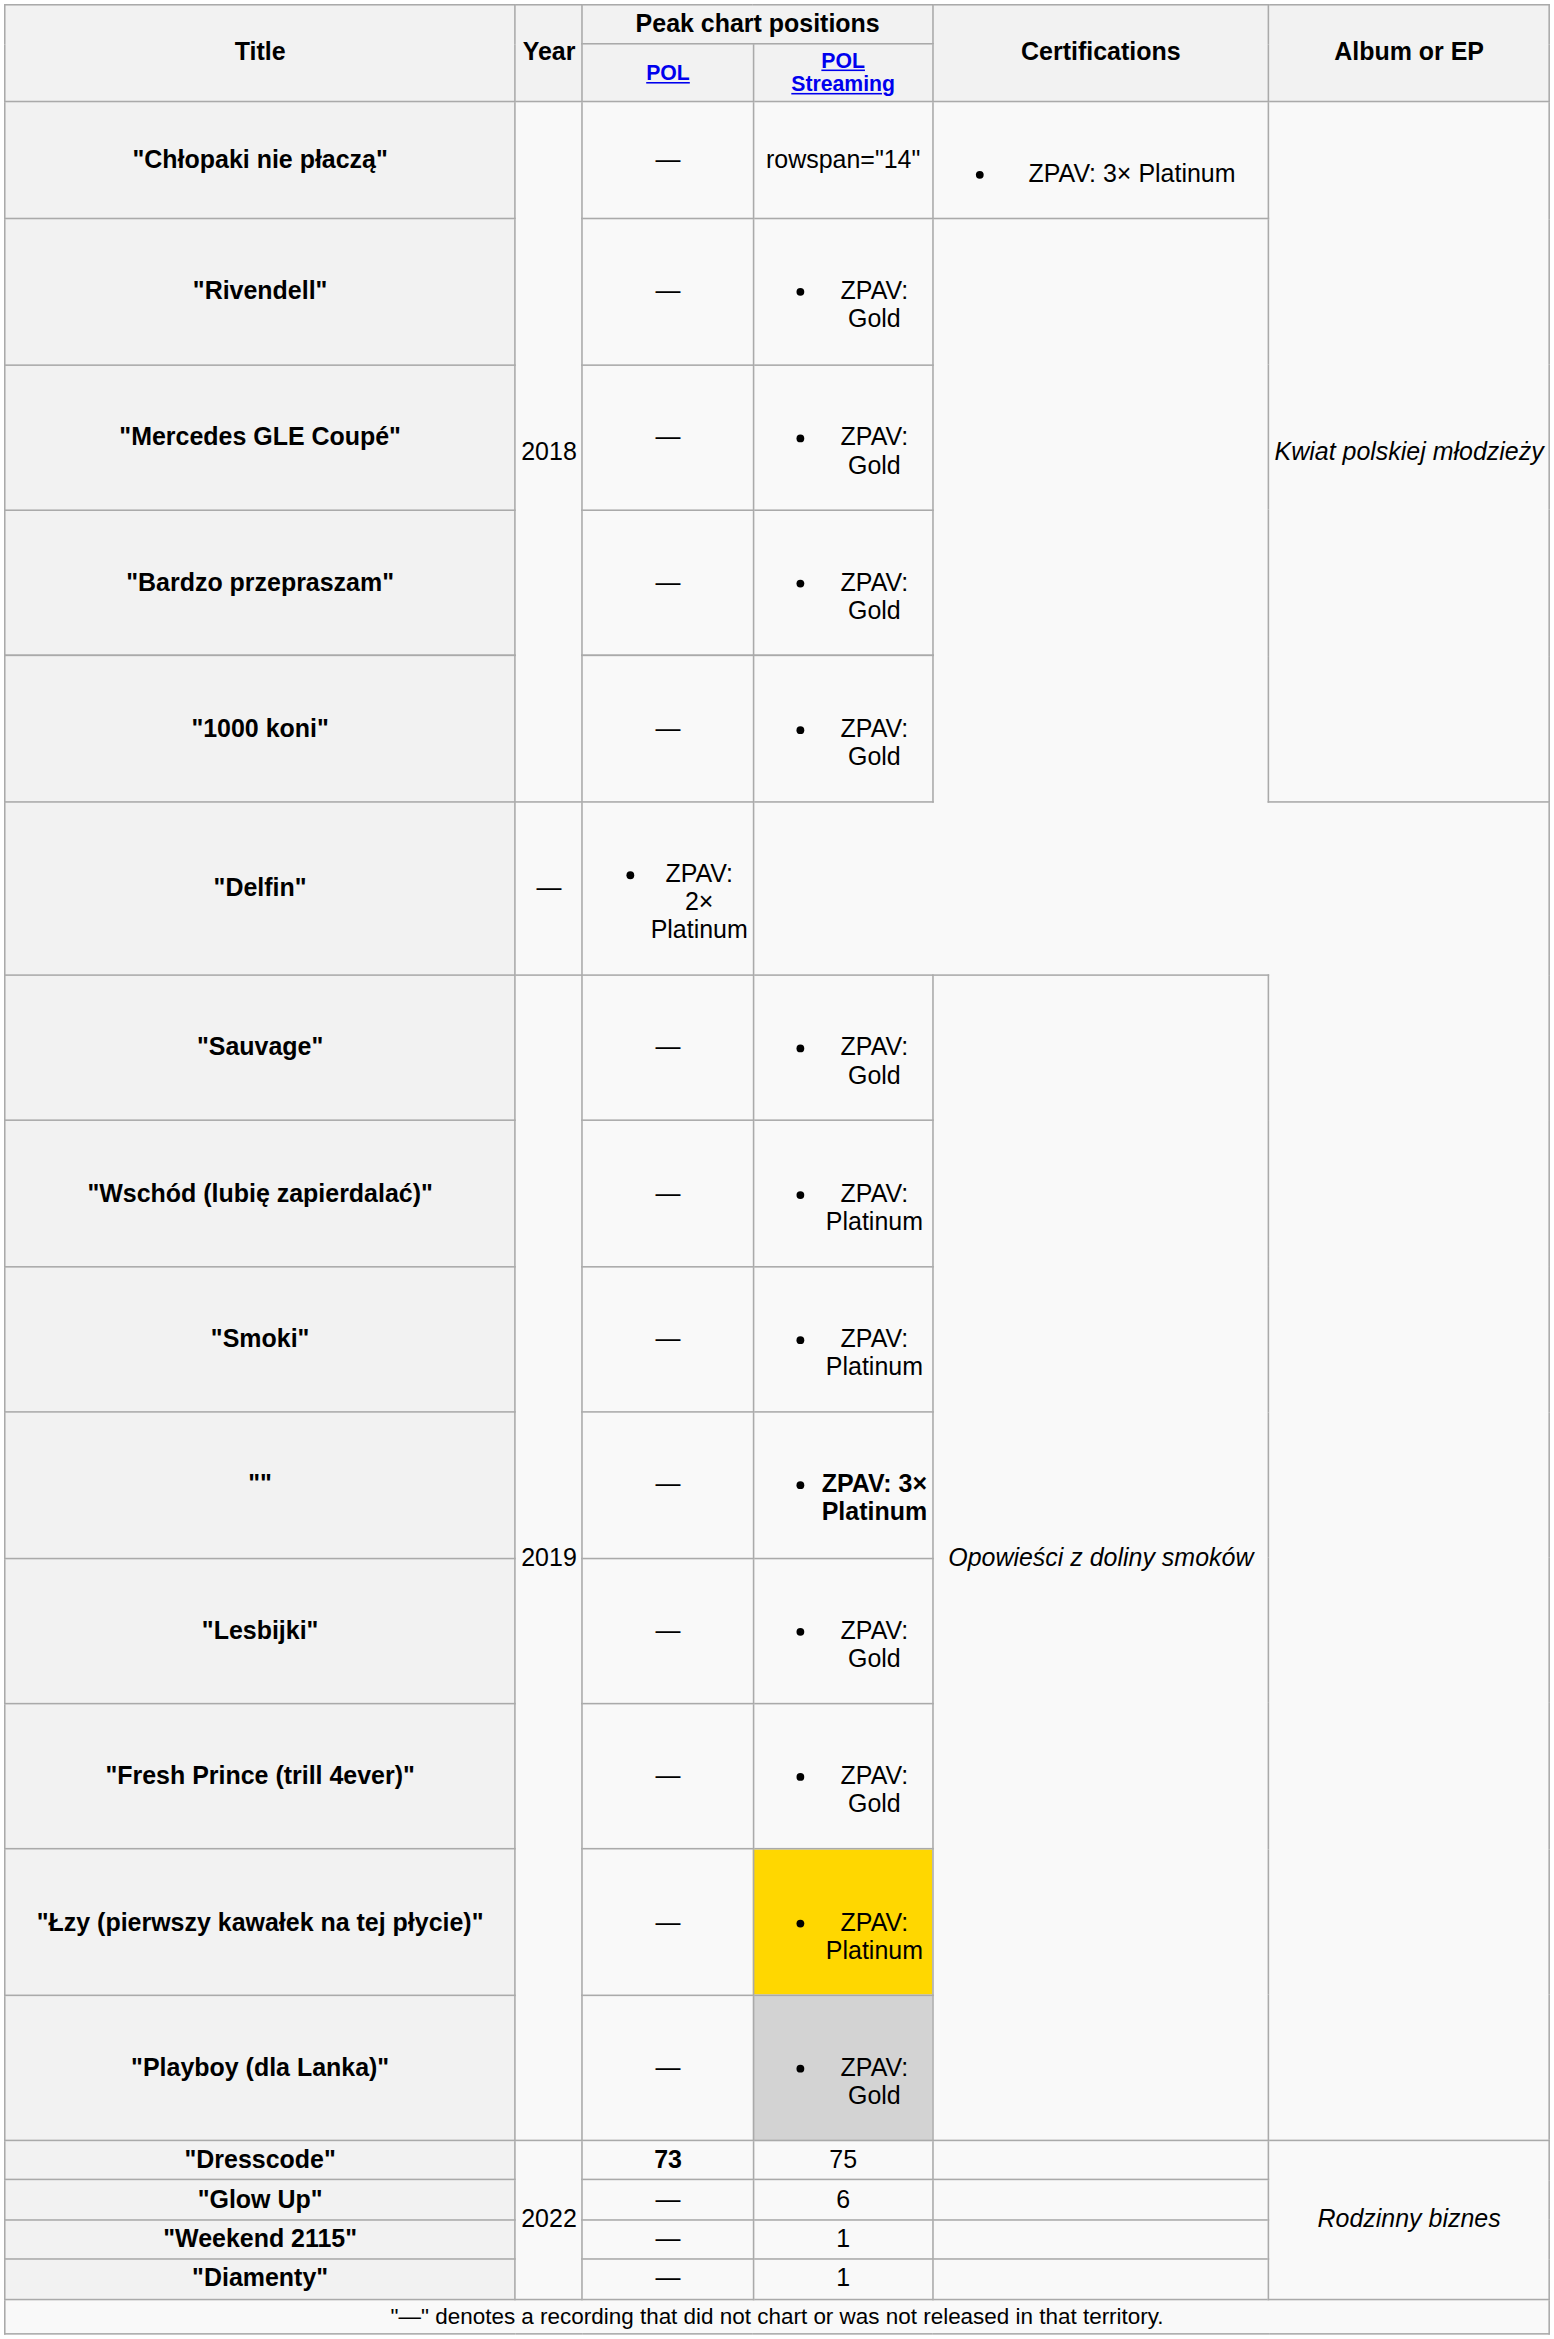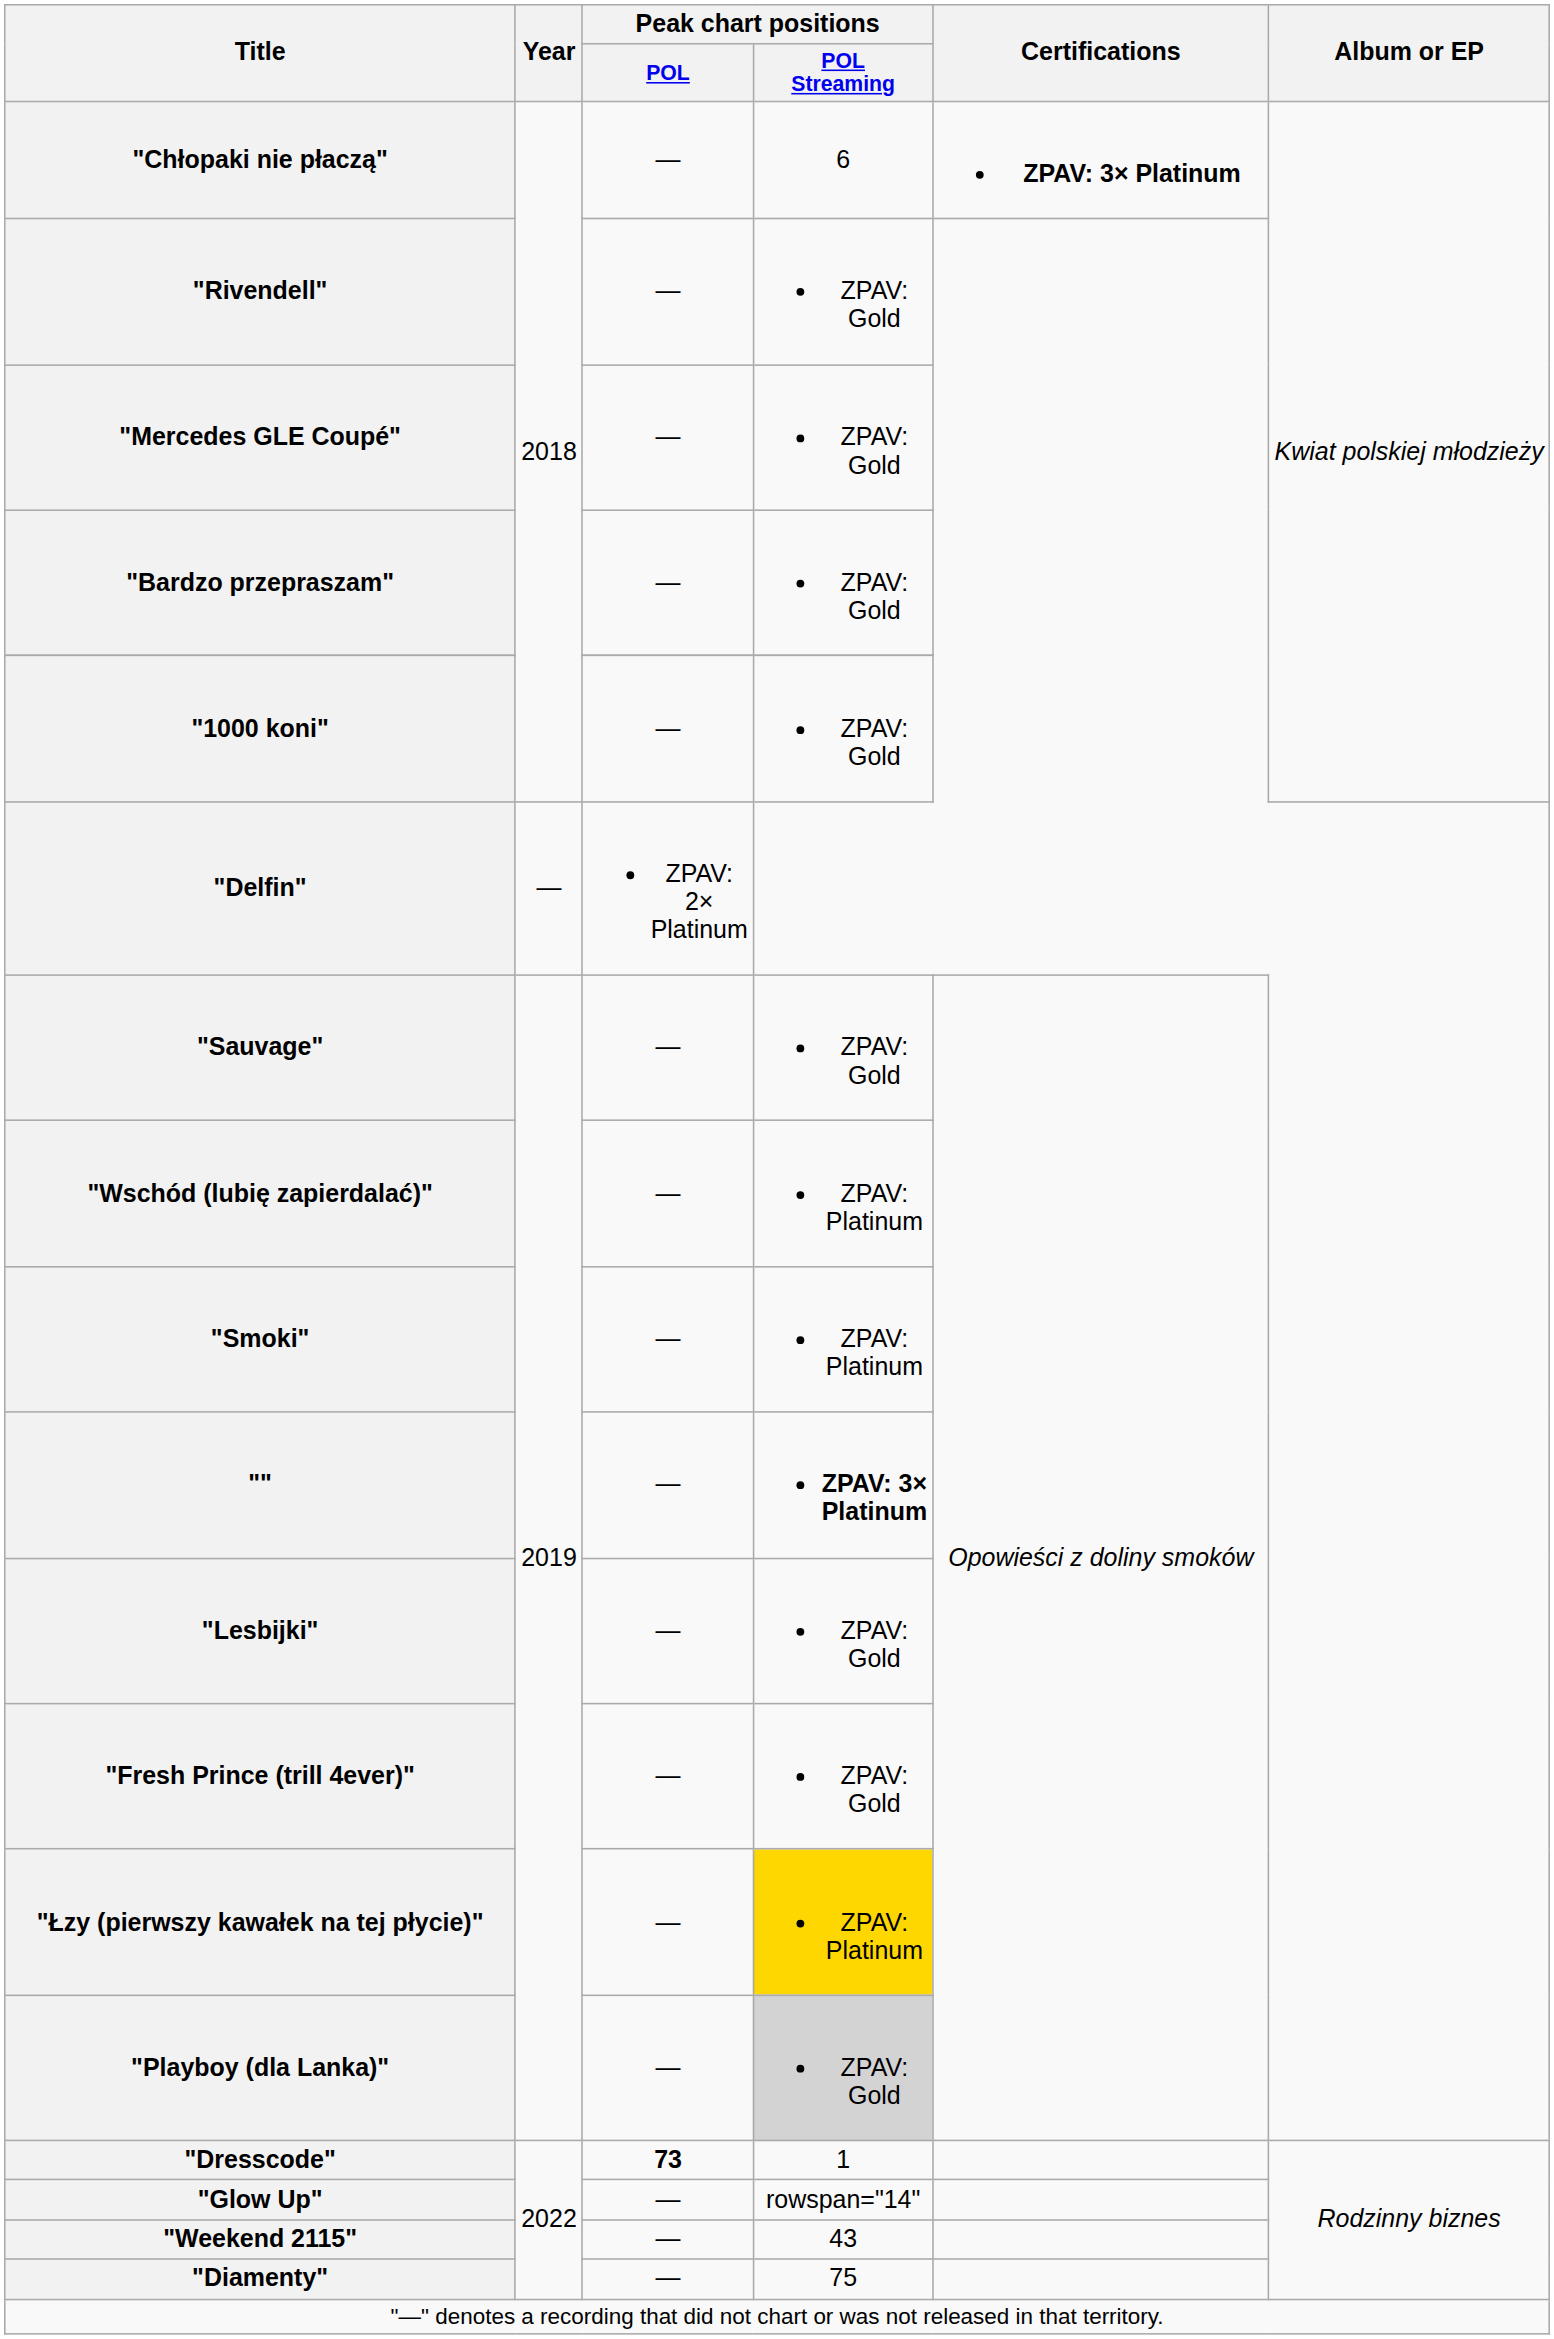 <table class="wikitable plainrowheaders" style="text-align:center;">
 <tr>
 <th scope="col" rowspan="2" style="width:20em;">Title</th>
 <th scope="col" rowspan="2" style="width:1em;">Year</th>
 <th colspan="2">Peak chart positions</th>
 <th scope="col" style="width:13em;" rowspan="2">Certifications</th>
 <th scope="col" rowspan="2">Album or EP</th>
 </tr>
 <tr>
 <th scope="col" style="width:3em;font-size:85%;"><a href='#'>POL</a><br></th>
 <th scope="col" style="width:3em;font-size:85%;"><a href='#'>POL<br>Streaming</a><br></th>
 </tr>
 <tr>
 <th scope="row">"Chłopaki nie płaczą"<br></th>
 <td rowspan="6">2018</td>
 <td>—</td>
-<td>rowspan="14" </td>
-<td><br><ul><li>ZPAV: 3× Platinum</li></ul></td>
+<td>6</td>
+<td><strong><br><ul><li>ZPAV: 3× Platinum</li></ul></strong></td>
 <td rowspan="6"><em>Kwiat polskiej młodzieży</em></td>
 </tr>
 <tr>
 <th scope="row">"Rivendell"<br></th>
 <td>—</td>
 <td><br><ul><li>ZPAV: Gold</li></ul></td>
 </tr>
 <tr>
 <th scope="row">"Mercedes GLE Coupé"<br></th>
 <td>—</td>
 <td><br><ul><li>ZPAV: Gold</li></ul></td>
 </tr>
 <tr>
 <th scope="row">"Bardzo przepraszam"<br></th>
 <td>—</td>
 <td><br><ul><li>ZPAV: Gold</li></ul></td>
 </tr>
 <tr>
 </tr>
 <tr>
 <th scope="row">"1000 koni"<br></th>
 <td>—</td>
 <td><br><ul><li>ZPAV: Gold</li></ul></td>
 </tr>
 <tr>
 <th scope="row">"Delfin"<br></th>
 <td>—</td>
 <td><br><ul><li>ZPAV: 2× Platinum</li></ul></td>
 </tr>
 <tr>
 <th scope="row">"Sauvage"<br></th>
 <td rowspan="8">2019</td>
 <td>—</td>
 <td><br><ul><li>ZPAV: Gold</li></ul></td>
 <td rowspan="8"><em>Opowieści z doliny smoków</em></td>
 </tr>
 <tr>
 <th scope="row">"Wschód (lubię zapierdalać)"<br></th>
 <td>—</td>
 <td><br><ul><li>ZPAV: Platinum</li></ul></td>
 </tr>
 <tr>
 <th scope="row">"Smoki"<br></th>
 <td>—</td>
 <td><br><ul><li>ZPAV: Platinum</li></ul></td>
 </tr>
 <tr>
 <th scope="row">""<br></th>
 <td>—</td>
 <td><strong><br><ul><li>ZPAV: 3× Platinum</li></ul></strong></td>
 </tr>
 <tr>
 <th scope="row">"Lesbijki"<br></th>
 <td>—</td>
 <td><br><ul><li>ZPAV: Gold</li></ul></td>
 </tr>
 <tr>
 <th scope="row">"Fresh Prince (trill 4ever)"<br></th>
 <td>—</td>
 <td><br><ul><li>ZPAV: Gold</li></ul></td>
 </tr>
 <tr>
 <th scope="row">"Łzy (pierwszy kawałek na tej płycie)"<br></th>
 <td>—</td>
 <td style="background: gold;"><br><ul><li>ZPAV: Platinum</li></ul></td>
 </tr>
 <tr>
 <th scope="row">"Playboy (dla Lanka)"<br></th>
 <td>—</td>
 <td style="background: lightgrey;"><br><ul><li>ZPAV: Gold</li></ul></td>
 </tr>
 <tr>
 <th scope="row">"Dresscode"<br></th>
 <td rowspan="4">2022</td>
 <td><strong>73</strong></td>
-<td>75</td>
+<td>1</td>
 <td></td>
 <td rowspan="4"><em>Rodzinny biznes</em></td>
 </tr>
 <tr>
 <th scope="row">"Glow Up"<br></th>
 <td>—</td>
-<td>6</td>
+<td>rowspan="14" </td>
 <td></td>
 </tr>
 <tr>
 <th scope="row">"Weekend 2115"<br></th>
 <td>—</td>
-<td>1</td>
+<td>43</td>
 <td></td>
 </tr>
 <tr>
 <th scope="row">"Diamenty"<br></th>
 <td>—</td>
-<td>1</td>
+<td>75</td>
 <td></td>
 </tr>
 <tr>
 <td colspan="6" style="font-size:90%">"—" denotes a recording that did not chart or was not released in that territory.</td>
 </tr>
 </table>
